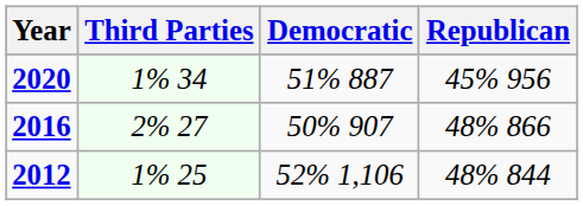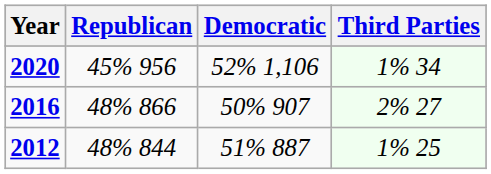 <table class="wikitable" style="float:right; font-size:95%;">
 <tr bgcolor=lightgrey>
 <th>Year</th>
+<th><a href='#'>Republican</a></th>
+<th><a href='#'>Democratic</a></th>
 <th><a href='#'>Third Parties</a></th>
-<th><a href='#'>Democratic</a></th>
-<th><a href='#'>Republican</a></th>
 </tr>
 <tr>
 <td style="text-align:center; "><strong><a href='#'>2020</a></strong></td>
+<td style="text-align:center; "><em>45%</em> <em>956</em></td>
+<td style="text-align:center; "><em>52%</em> <em>1,106</em></td>
 <td style="text-align:center; background:honeyDew;"><em>1%</em> <em>34</em></td>
-<td style="text-align:center; "><em>51%</em> <em>887</em></td>
-<td style="text-align:center; "><em>45%</em> <em>956</em></td>
 </tr>
 <tr>
 <td style="text-align:center; "><strong><a href='#'>2016</a></strong></td>
+<td style="text-align:center; "><em>48%</em> <em>866</em></td>
+<td style="text-align:center; "><em>50%</em> <em>907</em></td>
 <td style="text-align:center; background:honeyDew;"><em>2%</em> <em>27</em></td>
-<td style="text-align:center; "><em>50%</em> <em>907</em></td>
-<td style="text-align:center; "><em>48%</em> <em>866</em></td>
 </tr>
 <tr>
 <td style="text-align:center; "><strong><a href='#'>2012</a></strong></td>
+<td style="text-align:center; "><em>48%</em> <em>844</em></td>
+<td style="text-align:center; "><em>51%</em> <em>887</em></td>
 <td style="text-align:center; background:honeyDew;"><em>1%</em> <em>25</em></td>
-<td style="text-align:center; "><em>52%</em> <em>1,106</em></td>
-<td style="text-align:center; "><em>48%</em> <em>844</em></td>
 </tr>
 </table>
